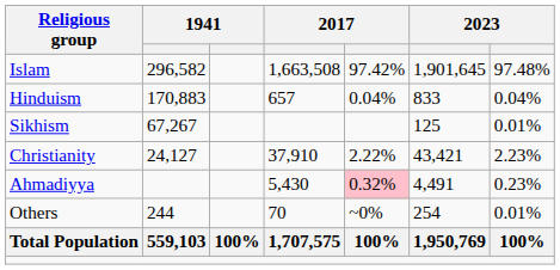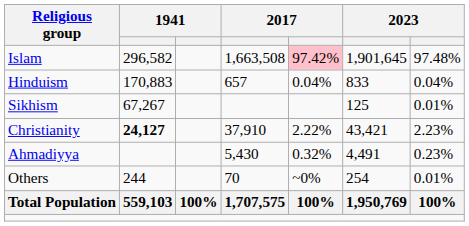 <table class="wikitable sortable">
 <tr>
 <th rowspan="2"><a href='#'>Religious</a><br>group</th>
 <th colspan="2">1941</th>
 <th colspan="2">2017</th>
 <th colspan="2">2023</th>
 </tr>
 <tr>
 <th><a href='#'></a></th>
 <th></th>
 <th></th>
 <th></th>
 <th></th>
 <th></th>
 </tr>
 <tr>
 <td><a href='#'>Islam</a> </td>
 <td>296,582</td>
 <td></td>
 <td>1,663,508</td>
-<td>97.42%</td>
+<td style="background: pink;">97.42%</td>
 <td>1,901,645</td>
 <td>97.48%</td>
 </tr>
 <tr>
 <td><a href='#'>Hinduism</a> </td>
 <td>170,883</td>
 <td></td>
 <td>657</td>
 <td>0.04%</td>
 <td>833</td>
 <td>0.04%</td>
 </tr>
 <tr>
 <td><a href='#'>Sikhism</a> </td>
 <td>67,267</td>
 <td></td>
 <td></td>
 <td></td>
 <td>125</td>
 <td>0.01%</td>
 </tr>
 <tr>
 <td><a href='#'>Christianity</a> </td>
-<td>24,127</td>
+<td><strong>24,127</strong></td>
 <td></td>
 <td>37,910</td>
 <td>2.22%</td>
 <td>43,421</td>
 <td>2.23%</td>
 </tr>
 <tr>
 <td><a href='#'>Ahmadiyya</a> </td>
 <td></td>
 <td></td>
 <td>5,430</td>
-<td style="background: pink;">0.32%</td>
+<td>0.32%</td>
 <td>4,491</td>
 <td>0.23%</td>
 </tr>
 <tr>
 <td>Others</td>
 <td>244</td>
 <td></td>
 <td>70</td>
 <td>~0%</td>
 <td>254</td>
 <td>0.01%</td>
 </tr>
 <tr>
 <th>Total Population</th>
 <th>559,103</th>
 <th>100%</th>
 <th>1,707,575</th>
 <th>100%</th>
 <th>1,950,769</th>
 <th>100%</th>
 </tr>
 <tr class="sortbottom">
 <td colspan="7"></td>
 </tr>
 </table>
